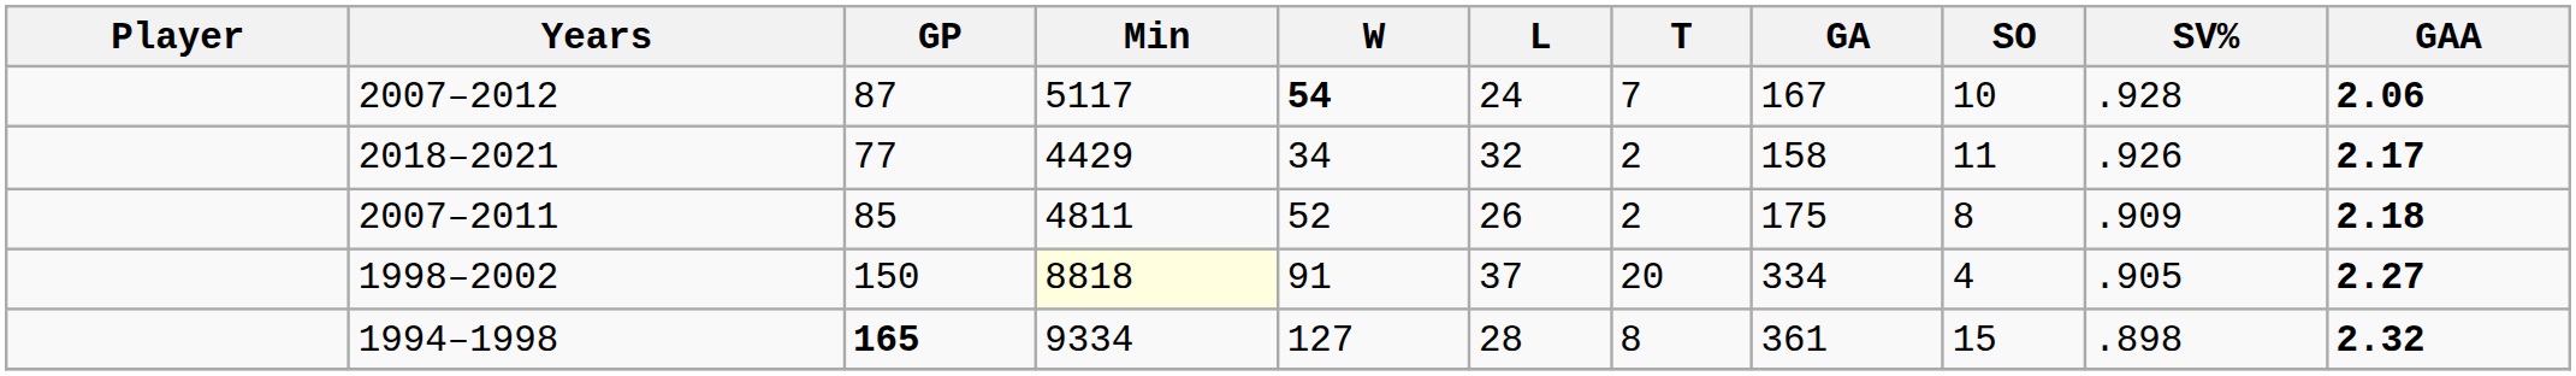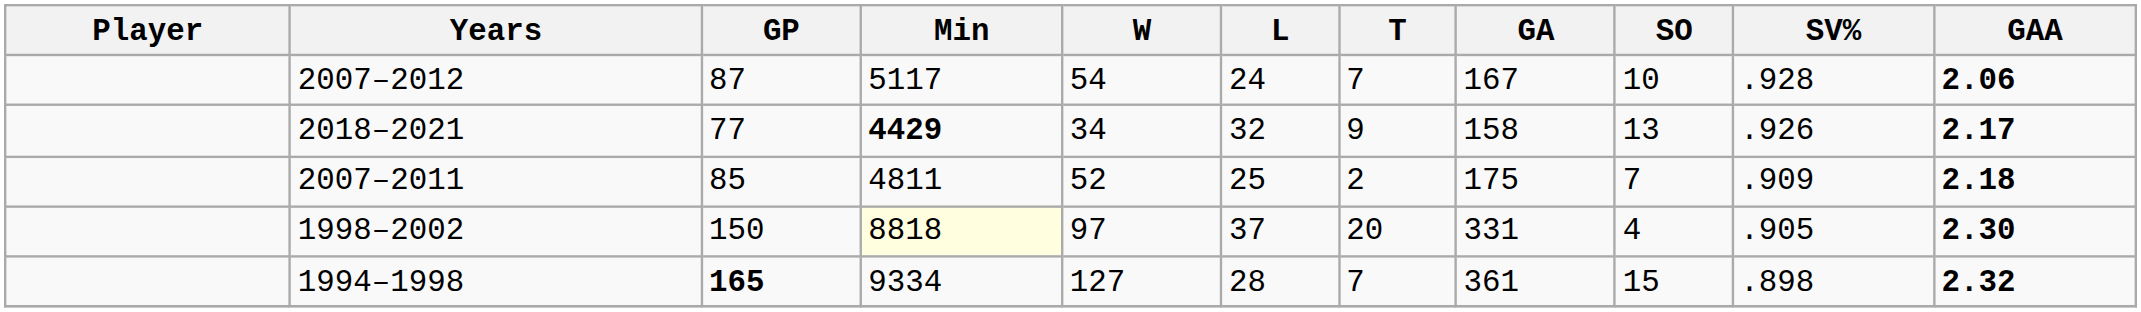 <table class="wikitable sortable" width = 900>
 <tr>
 <th>Player</th>
 <th>Years</th>
 <th>GP</th>
 <th>Min</th>
 <th>W</th>
 <th>L</th>
 <th>T</th>
 <th>GA</th>
 <th>SO</th>
 <th>SV%</th>
 <th>GAA</th>
 </tr>
 <tr>
 <td></td>
 <td>2007–2012</td>
 <td>87</td>
 <td>5117</td>
-<td><strong>54</strong></td>
+<td>54</td>
 <td>24</td>
 <td>7</td>
 <td>167</td>
 <td>10</td>
 <td>.928</td>
 <td><strong>2.06</strong></td>
 </tr>
 <tr>
 <td></td>
 <td>2018–2021</td>
 <td>77</td>
-<td>4429</td>
+<td><strong>4429</strong></td>
 <td>34</td>
 <td>32</td>
-<td>2</td>
+<td>9</td>
 <td>158</td>
-<td>11</td>
+<td>13</td>
 <td>.926</td>
 <td><strong>2.17</strong></td>
 </tr>
 <tr>
 <td></td>
 <td>2007–2011</td>
 <td>85</td>
 <td>4811</td>
 <td>52</td>
-<td>26</td>
+<td>25</td>
 <td>2</td>
 <td>175</td>
-<td>8</td>
+<td>7</td>
 <td>.909</td>
 <td><strong>2.18</strong></td>
 </tr>
 <tr>
 <td></td>
 <td>1998–2002</td>
 <td>150</td>
 <td style="background: lightyellow;">8818</td>
-<td>91</td>
+<td>97</td>
 <td>37</td>
 <td>20</td>
-<td>334</td>
+<td>331</td>
 <td>4</td>
 <td>.905</td>
-<td><strong>2.27</strong></td>
+<td><strong>2.30</strong></td>
 </tr>
 <tr>
 <td></td>
 <td>1994–1998</td>
 <td><strong>165</strong></td>
 <td>9334</td>
 <td>127</td>
 <td>28</td>
-<td>8</td>
+<td>7</td>
 <td>361</td>
 <td>15</td>
 <td>.898</td>
 <td><strong>2.32</strong></td>
 </tr>
 <tr>
 </tr>
 </table>
